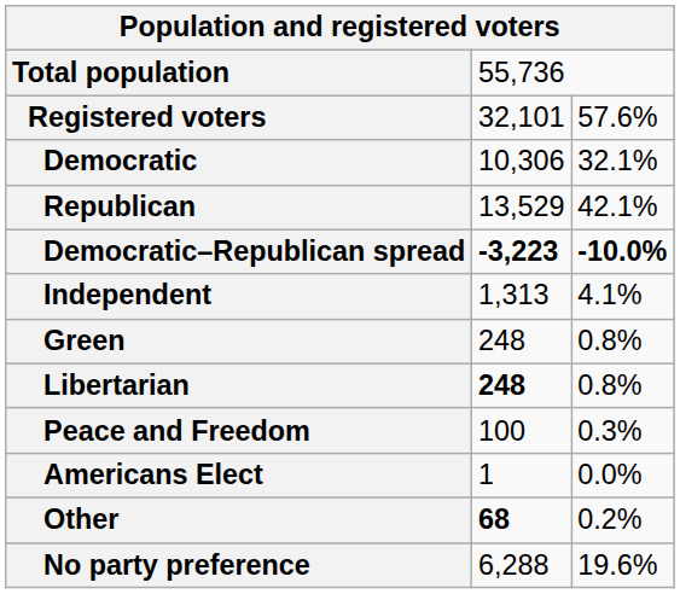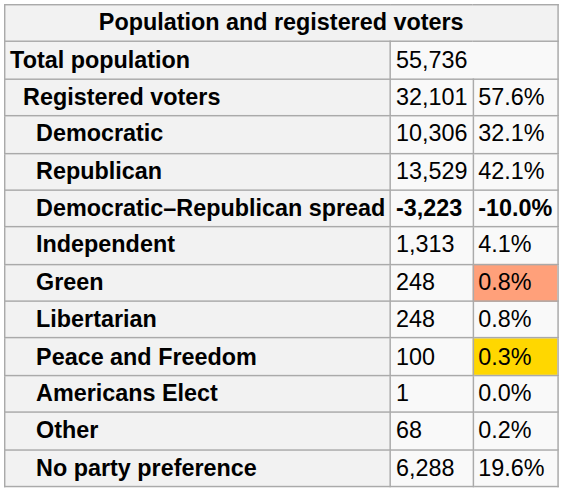 <table class="wikitable collapsible collapsed">
 <tr>
 <th colspan="3">Population and registered voters</th>
 </tr>
 <tr>
 <th scope="row" style="text-align: left;">Total population</th>
 <td colspan="2">55,736</td>
 </tr>
 <tr>
 <th scope="row" style="text-align: left;">  Registered voters</th>
 <td>32,101</td>
 <td>57.6%</td>
 </tr>
 <tr>
 <th scope="row" style="text-align: left;">    Democratic</th>
 <td>10,306</td>
 <td>32.1%</td>
 </tr>
 <tr>
 <th scope="row" style="text-align: left;">    Republican</th>
 <td>13,529</td>
 <td>42.1%</td>
 </tr>
 <tr>
 <th scope="row" style="text-align: left;">    Democratic–Republican spread</th>
 <td><span><strong>-3,223</strong></span></td>
 <td><span><strong>-10.0%</strong></span></td>
 </tr>
 <tr>
 <th scope="row" style="text-align: left;">    Independent</th>
 <td>1,313</td>
 <td>4.1%</td>
 </tr>
 <tr>
 <th scope="row" style="text-align: left;">    Green</th>
 <td>248</td>
-<td>0.8%</td>
+<td style="background: lightsalmon;">0.8%</td>
 </tr>
 <tr>
 <th scope="row" style="text-align: left;">    Libertarian</th>
-<td><strong>248</strong></td>
+<td>248</td>
 <td>0.8%</td>
 </tr>
 <tr>
 <th scope="row" style="text-align: left;">    Peace and Freedom</th>
 <td>100</td>
-<td>0.3%</td>
+<td style="background: gold;">0.3%</td>
 </tr>
 <tr>
 <th scope="row" style="text-align: left;">    Americans Elect</th>
 <td>1</td>
 <td>0.0%</td>
 </tr>
 <tr>
 <th scope="row" style="text-align: left;">    Other</th>
-<td><strong>68</strong></td>
+<td>68</td>
 <td>0.2%</td>
 </tr>
 <tr>
 <th scope="row" style="text-align: left;">    No party preference</th>
 <td>6,288</td>
 <td>19.6%</td>
 </tr>
 </table>
